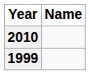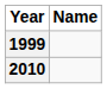 <table class="wikitable sortable plainrowheaders" style="text-align:center">
 <tr>
 <th scope="col" style="background-color:#ffffff; border-top:#">Year</th>
 <th scope="col" style="background-color:#ffffff; border-top:#">Name</th>
 </tr>
 <tr>
+<th scope="row" style="text-align:center">1999</th>
+<td></td>
+</tr>
+<tr>
 <th scope="row" style="text-align:center">2010</th>
 <td></td>
 </tr>
-<tr>
-<th scope="row" style="text-align:center">1999</th>
-<td></td>
-</tr>
 </table>
